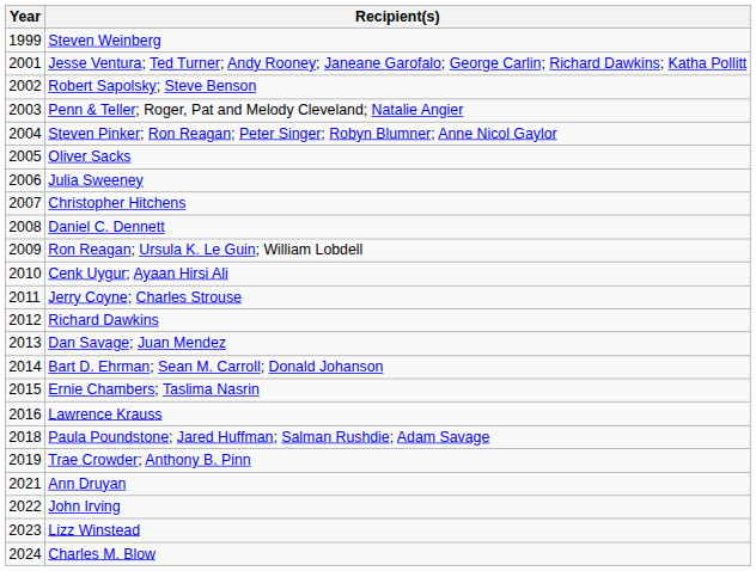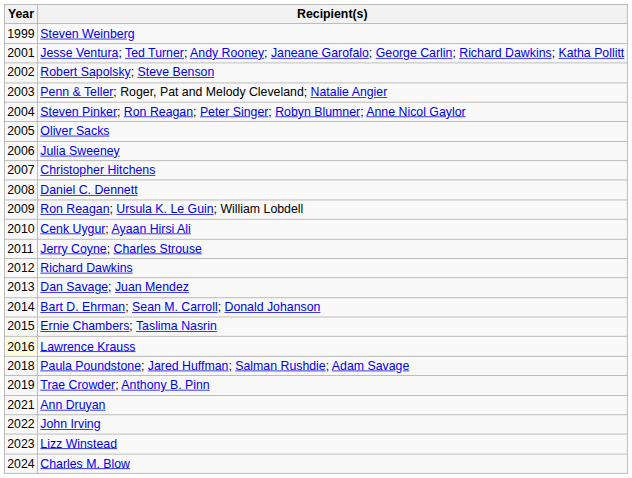 <table class="wikitable">
 <tr>
 <th>Year</th>
 <th>Recipient(s)</th>
 </tr>
 <tr>
 <td>1999</td>
 <td><a href='#'>Steven Weinberg</a></td>
 </tr>
 <tr>
 <td>2001</td>
 <td><a href='#'>Jesse Ventura</a>; <a href='#'>Ted Turner</a>; <a href='#'>Andy Rooney</a>; <a href='#'>Janeane Garofalo</a>; <a href='#'>George Carlin</a>; <a href='#'>Richard Dawkins</a>; <a href='#'>Katha Pollitt</a></td>
 </tr>
 <tr>
 <td>2002</td>
 <td><a href='#'>Robert Sapolsky</a>; <a href='#'>Steve Benson</a></td>
 </tr>
 <tr>
 <td>2003</td>
 <td><a href='#'>Penn & Teller</a>; Roger, Pat and Melody Cleveland; <a href='#'>Natalie Angier</a></td>
 </tr>
 <tr>
 <td>2004</td>
 <td><a href='#'>Steven Pinker</a>; <a href='#'>Ron Reagan</a>; <a href='#'>Peter Singer</a>; <a href='#'>Robyn Blumner</a>; <a href='#'>Anne Nicol Gaylor</a></td>
 </tr>
 <tr>
 <td>2005</td>
 <td><a href='#'>Oliver Sacks</a></td>
 </tr>
 <tr>
 <td>2006</td>
 <td><a href='#'>Julia Sweeney</a></td>
 </tr>
 <tr>
 <td>2007</td>
 <td><a href='#'>Christopher Hitchens</a></td>
 </tr>
 <tr>
 <td>2008</td>
 <td><a href='#'>Daniel C. Dennett</a></td>
 </tr>
 <tr>
 <td>2009</td>
 <td><a href='#'>Ron Reagan</a>; <a href='#'>Ursula K. Le Guin</a>; William Lobdell</td>
 </tr>
 <tr>
 <td>2010</td>
 <td><a href='#'>Cenk Uygur</a>; <a href='#'>Ayaan Hirsi Ali</a></td>
 </tr>
 <tr>
 <td>2011</td>
 <td><a href='#'>Jerry Coyne</a>; <a href='#'>Charles Strouse</a></td>
 </tr>
 <tr>
 <td>2012</td>
 <td><a href='#'>Richard Dawkins</a></td>
 </tr>
 <tr>
 <td>2013</td>
 <td><a href='#'>Dan Savage</a>; <a href='#'>Juan Mendez</a></td>
 </tr>
 <tr>
 <td>2014</td>
 <td><a href='#'>Bart D. Ehrman</a>; <a href='#'>Sean M. Carroll</a>; <a href='#'>Donald Johanson</a></td>
 </tr>
 <tr>
 <td>2015</td>
 <td><a href='#'>Ernie Chambers</a>; <a href='#'>Taslima Nasrin</a></td>
 </tr>
 <tr>
-<td>2016</td>
+<td style="background: lightyellow;">2016</td>
 <td><a href='#'>Lawrence Krauss</a></td>
 </tr>
 <tr>
 <td>2018</td>
 <td><a href='#'>Paula Poundstone</a>; <a href='#'>Jared Huffman</a>; <a href='#'>Salman Rushdie</a>; <a href='#'>Adam Savage</a></td>
 </tr>
 <tr>
 <td>2019</td>
 <td><a href='#'>Trae Crowder</a>; <a href='#'>Anthony B. Pinn</a></td>
 </tr>
 <tr>
 <td>2021</td>
 <td><a href='#'>Ann Druyan</a></td>
 </tr>
 <tr>
 <td>2022</td>
 <td><a href='#'>John Irving</a></td>
 </tr>
 <tr>
 <td>2023</td>
 <td><a href='#'>Lizz Winstead</a></td>
 </tr>
 <tr>
 <td>2024</td>
 <td><a href='#'>Charles M. Blow</a></td>
 </tr>
 </table>
